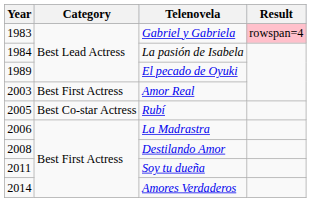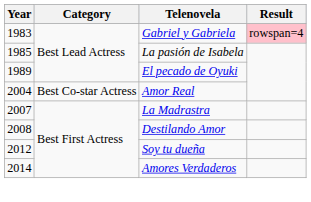 <table class="wikitable">
 <tr style="background:#b0c4de;">
 <th>Year</th>
 <th>Category</th>
 <th>Telenovela</th>
 <th>Result</th>
 </tr>
 <tr>
 <td>1983</td>
 <td rowspan=3>Best Lead Actress</td>
 <td><em><a href='#'>Gabriel y Gabriela</a></em></td>
 <td style="background: pink;">rowspan=4 </td>
 </tr>
 <tr>
-<td>1984</td>
+<td>1985</td>
 <td><em>La pasión de Isabela</em></td>
 </tr>
 <tr>
 <td>1989</td>
 <td><em><a href='#'>El pecado de Oyuki</a></em></td>
 </tr>
 <tr>
-<td>2003</td>
-<td>Best First Actress</td>
+<td>2004</td>
+<td>Best Co-star Actress</td>
 <td><em><a href='#'>Amor Real</a></em></td>
 </tr>
 <tr>
-<td>2005</td>
-<td>Best Co-star Actress</td>
-<td><em><a href='#'>Rubí</a></em></td>
-<td></td>
-</tr>
-<tr>
-<td>2006</td>
+<td>2007</td>
 <td rowspan=4>Best First Actress</td>
 <td><em><a href='#'>La Madrastra</a></em></td>
 <td></td>
 </tr>
 <tr>
 <td>2008</td>
 <td><em><a href='#'>Destilando Amor</a></em></td>
 <td></td>
 </tr>
 <tr>
-<td>2011</td>
+<td>2012</td>
 <td><em><a href='#'>Soy tu dueña</a></em></td>
 <td></td>
 </tr>
 <tr>
 <td>2014</td>
 <td><em><a href='#'>Amores Verdaderos</a></em></td>
 <td></td>
 </tr>
 </table>
